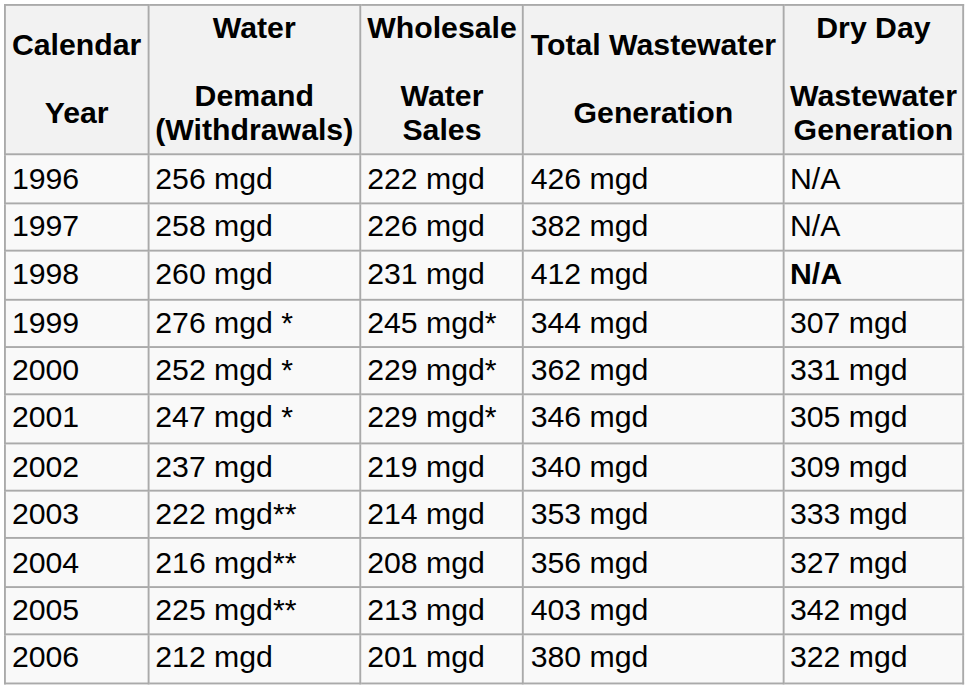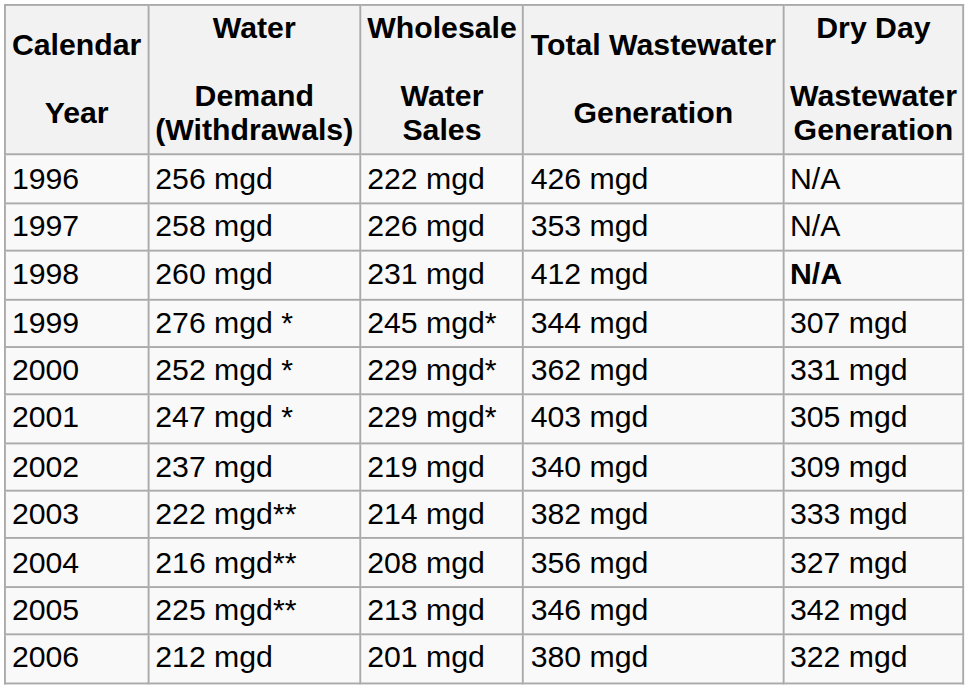 <table class="wikitable">
 <tr>
 <th>Calendar<br><br>Year<br></th>
 <th>Water<br><br>Demand<br> (Withdrawals)<br></th>
 <th>Wholesale<br><br>Water<br> Sales<br></th>
 <th>Total Wastewater<br><br>Generation<br></th>
 <th>Dry Day<br><br>Wastewater<br> Generation<br></th>
 </tr>
 <tr>
 <td>1996</td>
 <td>256 mgd</td>
 <td>222 mgd</td>
 <td>426 mgd</td>
 <td>N/A</td>
 </tr>
 <tr>
 <td>1997</td>
 <td>258 mgd</td>
 <td>226 mgd</td>
-<td>382 mgd</td>
+<td>353 mgd</td>
 <td>N/A</td>
 </tr>
 <tr>
 <td>1998</td>
 <td>260 mgd</td>
 <td>231 mgd</td>
 <td>412 mgd</td>
 <td><strong>N/A</strong></td>
 </tr>
 <tr>
 <td>1999</td>
 <td>276 mgd *</td>
 <td>245 mgd*</td>
 <td>344 mgd</td>
 <td>307 mgd</td>
 </tr>
 <tr>
 <td>2000</td>
 <td>252 mgd *</td>
 <td>229 mgd*</td>
 <td>362 mgd</td>
 <td>331 mgd</td>
 </tr>
 <tr>
 <td>2001</td>
 <td>247 mgd *</td>
 <td>229 mgd*</td>
-<td>346 mgd</td>
+<td>403 mgd</td>
 <td>305 mgd</td>
 </tr>
 <tr>
 <td>2002</td>
 <td>237 mgd</td>
 <td>219 mgd</td>
 <td>340 mgd</td>
 <td>309 mgd</td>
 </tr>
 <tr>
 <td>2003</td>
 <td>222 mgd**</td>
 <td>214 mgd</td>
-<td>353 mgd</td>
+<td>382 mgd</td>
 <td>333 mgd</td>
 </tr>
 <tr>
 <td>2004</td>
 <td>216 mgd**</td>
 <td>208 mgd</td>
 <td>356 mgd</td>
 <td>327 mgd</td>
 </tr>
 <tr>
 <td>2005</td>
 <td>225 mgd**</td>
 <td>213 mgd</td>
-<td>403 mgd</td>
+<td>346 mgd</td>
 <td>342 mgd</td>
 </tr>
 <tr>
 <td>2006</td>
 <td>212 mgd</td>
 <td>201 mgd</td>
 <td>380 mgd</td>
 <td>322 mgd</td>
 </tr>
 </table>
